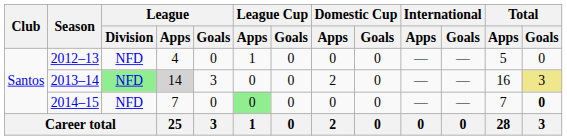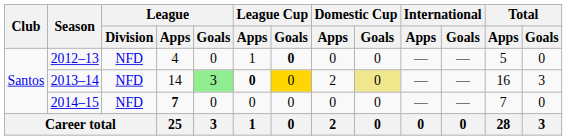 <table class="wikitable" style="text-align: center;">
 <tr>
 <th rowspan="2">Club</th>
 <th rowspan="2">Season</th>
 <th colspan="3">League</th>
 <th colspan="2">League Cup</th>
 <th colspan="2">Domestic Cup</th>
 <th colspan="2">International</th>
 <th colspan="2">Total</th>
 </tr>
 <tr>
 <th>Division</th>
 <th>Apps</th>
 <th>Goals</th>
 <th>Apps</th>
 <th>Goals</th>
 <th>Apps</th>
 <th>Goals</th>
 <th>Apps</th>
 <th>Goals</th>
 <th>Apps</th>
 <th>Goals</th>
 </tr>
 <tr>
 <td rowspan="3"><a href='#'>Santos</a></td>
 <td><a href='#'>2012–13</a></td>
 <td><a href='#'>NFD</a></td>
 <td>4</td>
 <td>0</td>
 <td>1</td>
-<td>0</td>
+<td><strong>0</strong></td>
 <td>0</td>
 <td>0</td>
 <td>—</td>
 <td>—</td>
 <td>5</td>
 <td>0</td>
 </tr>
 <tr>
 <td><a href='#'>2013–14</a></td>
-<td style="background: lightgreen;"><a href='#'>NFD</a></td>
-<td style="background: lightgrey;">14</td>
-<td>3</td>
-<td>0</td>
-<td>0</td>
+<td><a href='#'>NFD</a></td>
+<td>14</td>
+<td style="background: lightgreen;">3</td>
+<td><strong>0</strong></td>
+<td style="background: gold;">0</td>
 <td>2</td>
-<td>0</td>
+<td style="background: khaki;">0</td>
 <td>—</td>
 <td>—</td>
 <td>16</td>
-<td style="background: khaki;">3</td>
+<td>3</td>
 </tr>
 <tr>
 <td><a href='#'>2014–15</a></td>
 <td><a href='#'>NFD</a></td>
-<td>7</td>
+<td><strong>7</strong></td>
 <td>0</td>
-<td style="background: lightgreen;">0</td>
+<td>0</td>
 <td>0</td>
 <td>0</td>
 <td>0</td>
 <td>—</td>
 <td>—</td>
 <td>7</td>
-<td><strong>0</strong></td>
+<td>0</td>
 </tr>
 <tr>
 <th colspan="3">Career total</th>
 <th>25</th>
 <th>3</th>
 <th>1</th>
 <th>0</th>
 <th>2</th>
 <th>0</th>
 <th>0</th>
 <th>0</th>
 <th>28</th>
 <th>3</th>
 </tr>
 </table>
